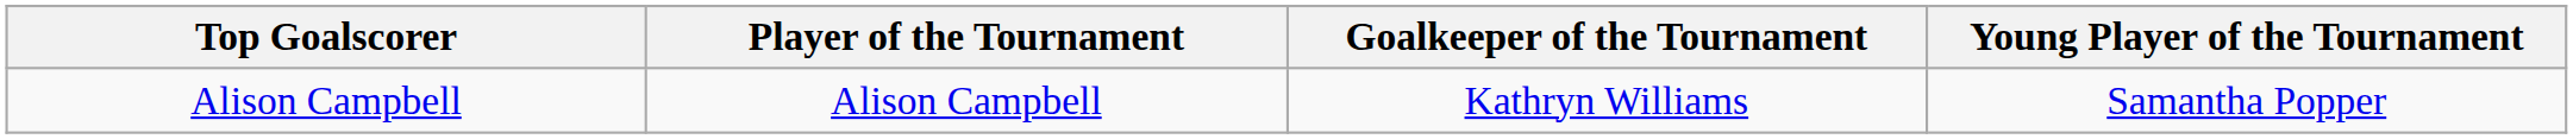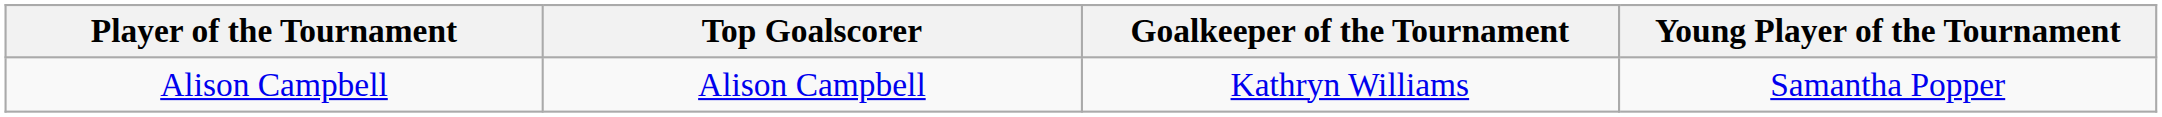 <table class=wikitable style="margin:auto; text-align:center">
 <tr>
+<th style="width: 250px;">Player of the Tournament</th>
 <th style="width: 250px;">Top Goalscorer</th>
-<th style="width: 250px;">Player of the Tournament</th>
 <th style="width: 250px;">Goalkeeper of the Tournament</th>
 <th style="width: 250px;">Young Player of the Tournament</th>
 </tr>
 <tr>
 <td> <a href='#'>Alison Campbell</a></td>
 <td> <a href='#'>Alison Campbell</a></td>
 <td> <a href='#'>Kathryn Williams</a></td>
 <td> <a href='#'>Samantha Popper</a></td>
 </tr>
 </table>
